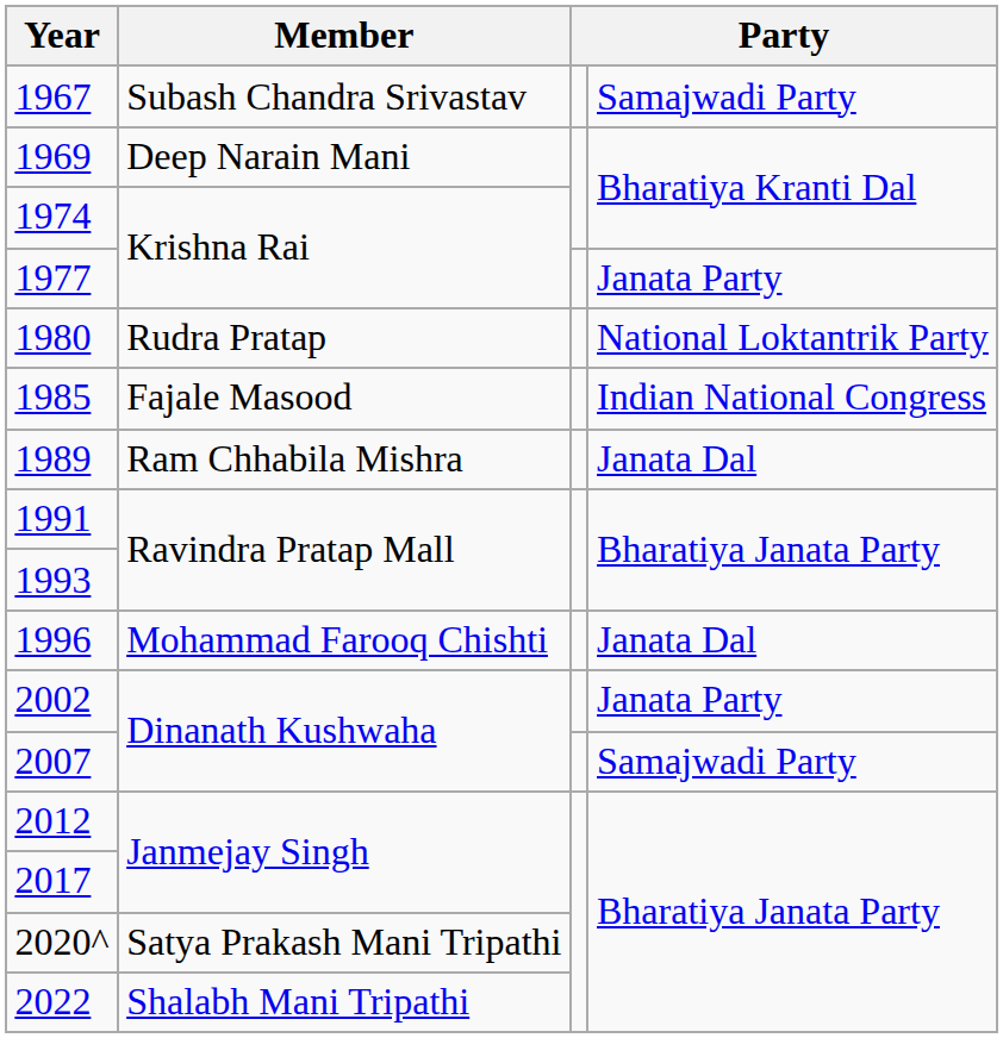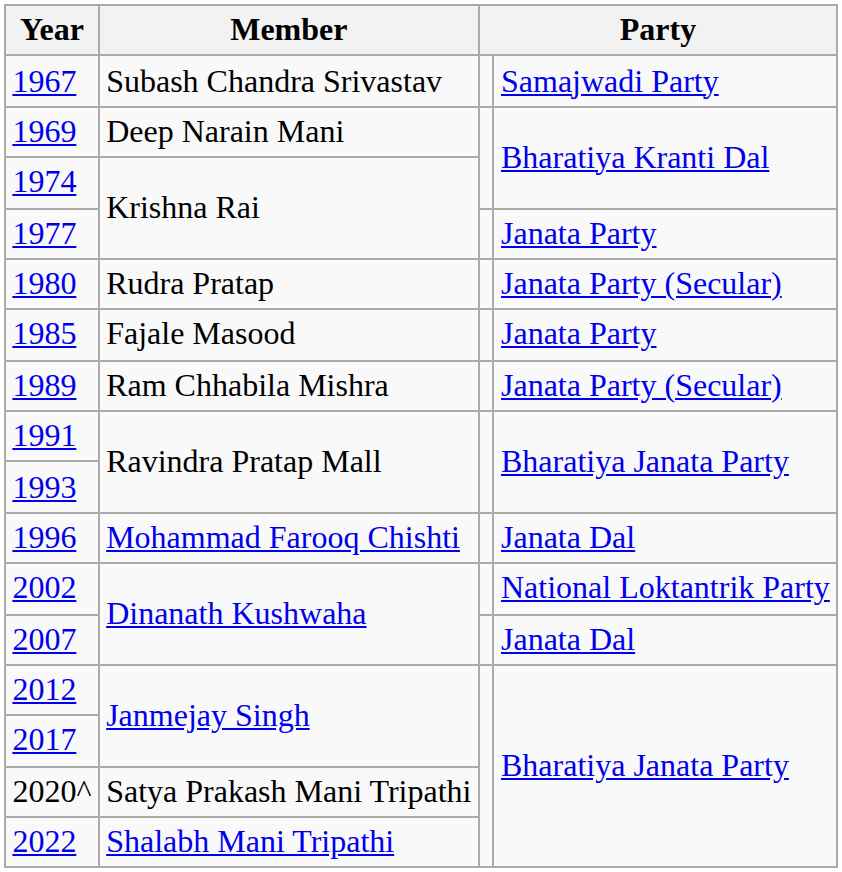 <table class="wikitable">
 <tr>
 <th>Year</th>
 <th>Member</th>
 <th colspan="2">Party</th>
 </tr>
 <tr>
 <td><a href='#'>1967</a></td>
 <td>Subash Chandra Srivastav</td>
 <td style="background-color: "></td>
 <td><a href='#'>Samajwadi Party</a></td>
 </tr>
 <tr>
 <td><a href='#'>1969</a></td>
 <td>Deep Narain Mani</td>
 <td rowspan="2" style="background-color: "></td>
 <td rowspan="2"><a href='#'>Bharatiya Kranti Dal</a></td>
 </tr>
 <tr>
 <td><a href='#'>1974</a></td>
 <td rowspan="2">Krishna Rai</td>
 </tr>
 <tr>
 <td><a href='#'>1977</a></td>
 <td style="background-color: "></td>
 <td><a href='#'>Janata Party</a></td>
 </tr>
 <tr>
 <td><a href='#'>1980</a></td>
 <td>Rudra Pratap</td>
 <td style="background-color: "></td>
-<td><a href='#'>National Loktantrik Party</a></td>
+<td><a href='#'>Janata Party (Secular)</a></td>
 </tr>
 <tr>
 <td><a href='#'>1985</a></td>
 <td>Fajale Masood</td>
 <td style="background-color: "></td>
-<td><a href='#'>Indian National Congress</a></td>
+<td><a href='#'>Janata Party</a></td>
 </tr>
 <tr>
 <td><a href='#'>1989</a></td>
 <td>Ram Chhabila Mishra</td>
 <td style="background-color: "></td>
-<td><a href='#'>Janata Dal</a></td>
+<td><a href='#'>Janata Party (Secular)</a></td>
 </tr>
 <tr>
 <td><a href='#'>1991</a></td>
 <td rowspan="2">Ravindra Pratap Mall</td>
 <td rowspan="2" style="background-color: "></td>
 <td rowspan="2"><a href='#'>Bharatiya Janata Party</a></td>
 </tr>
 <tr>
 <td><a href='#'>1993</a></td>
 </tr>
 <tr>
 <td><a href='#'>1996</a></td>
 <td><a href='#'>Mohammad Farooq Chishti</a></td>
 <td style="background-color: "></td>
 <td><a href='#'>Janata Dal</a></td>
 </tr>
 <tr>
 <td><a href='#'>2002</a></td>
 <td rowspan="2"><a href='#'>Dinanath Kushwaha</a></td>
 <td style="background-color: "></td>
-<td><a href='#'>Janata Party</a></td>
+<td><a href='#'>National Loktantrik Party</a></td>
 </tr>
 <tr>
 <td><a href='#'>2007</a></td>
 <td style="background-color: "></td>
-<td><a href='#'>Samajwadi Party</a></td>
+<td><a href='#'>Janata Dal</a></td>
 </tr>
 <tr>
 <td><a href='#'>2012</a></td>
 <td rowspan="2"><a href='#'>Janmejay Singh</a></td>
 <td rowspan="4" style="background-color: "></td>
 <td rowspan="4"><a href='#'>Bharatiya Janata Party</a></td>
 </tr>
 <tr>
 <td><a href='#'>2017</a></td>
 </tr>
 <tr>
 <td>2020^</td>
 <td>Satya Prakash Mani Tripathi</td>
 </tr>
 <tr>
 <td><a href='#'>2022</a></td>
 <td><a href='#'>Shalabh Mani Tripathi</a></td>
 </tr>
 </table>
